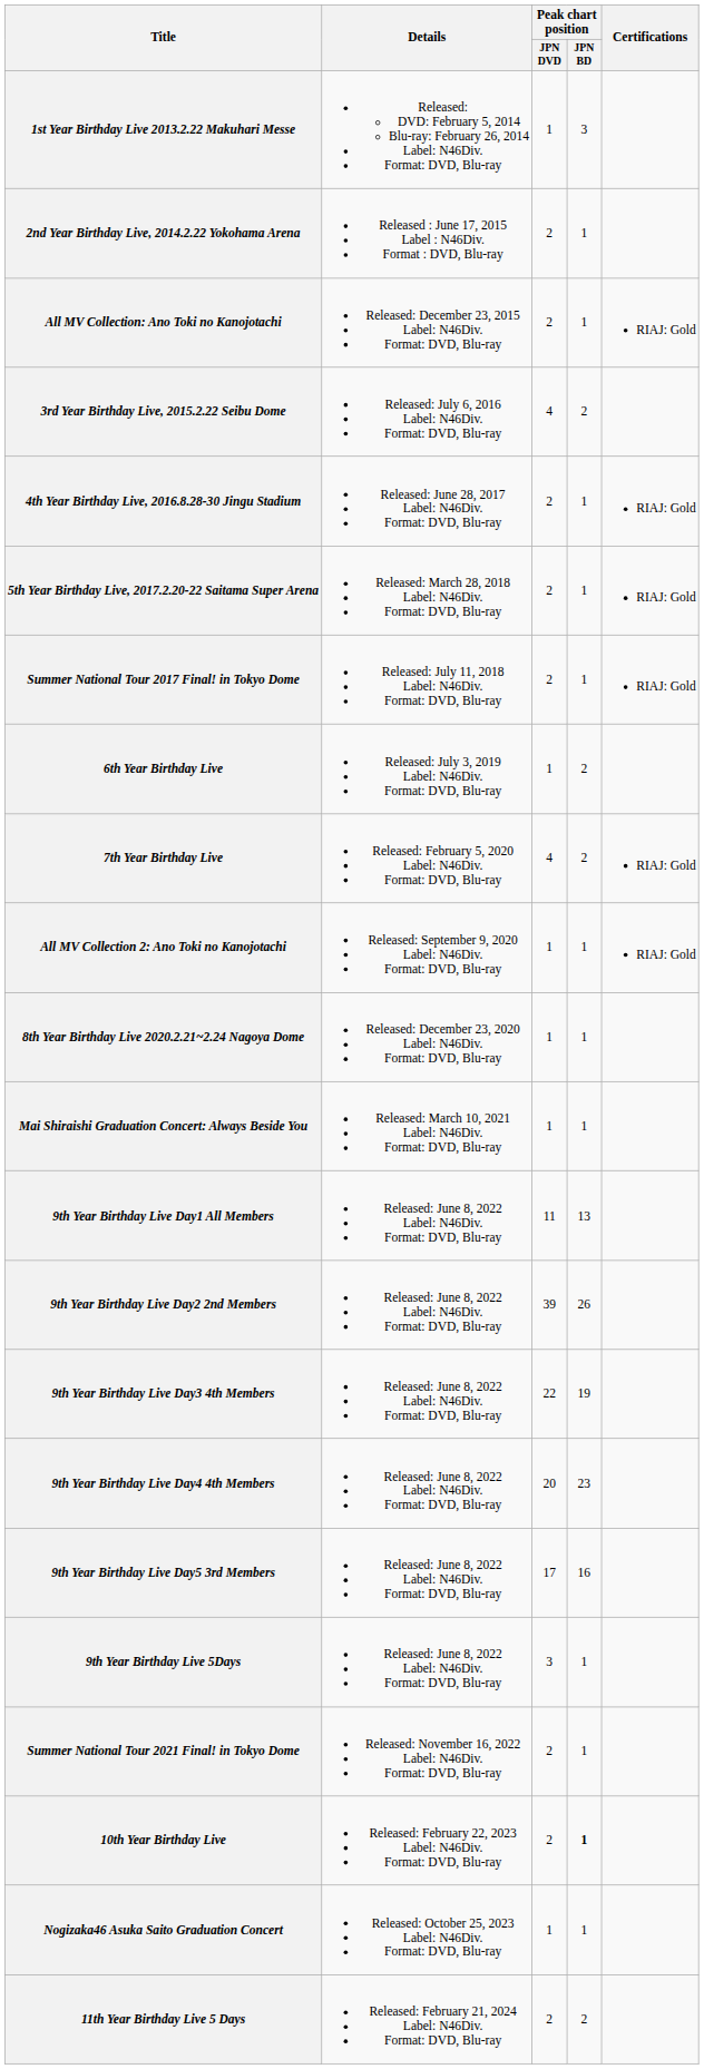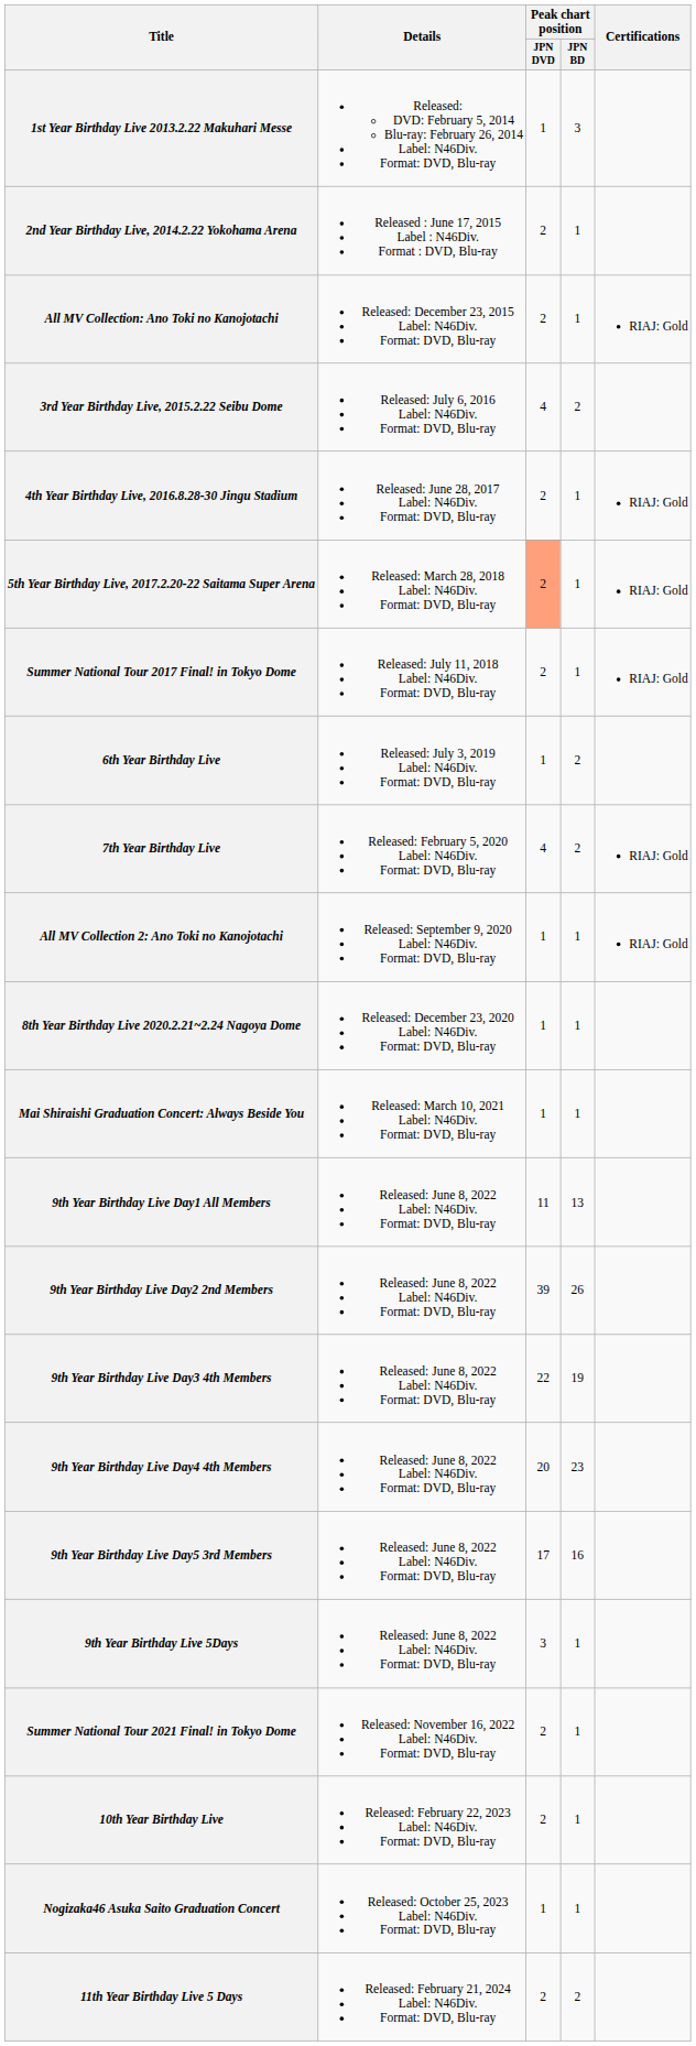 <table class="wikitable plainrowheaders" style="text-align:center;">
 <tr>
 <th scope="col" rowspan="2">Title</th>
 <th scope="col" rowspan="2">Details</th>
 <th scope="col" colspan="2">Peak chart<br>position</th>
 <th scope="col" rowspan="2">Certifications</th>
 </tr>
 <tr>
 <th style="width:2.7em;font-size:85%;">JPN<br>DVD<br></th>
 <th style="width:2.7em;font-size:85%;">JPN<br>BD<br></th>
 </tr>
 <tr>
 <th scope="row"><em>1st Year Birthday Live 2013.2.22 Makuhari Messe</em></th>
 <td><br><ul><li>Released:<ul><li>DVD: February 5, 2014</li><li>Blu-ray: February 26, 2014</li></ul></li><li>Label: N46Div.</li><li>Format: DVD, Blu-ray</li></ul></td>
 <td>1</td>
 <td>3</td>
 <td></td>
 </tr>
 <tr>
 <th scope="row"><em>2nd Year Birthday Live, 2014.2.22 Yokohama Arena</em></th>
 <td><br><ul><li>Released : June 17, 2015</li><li>Label : N46Div.</li><li>Format : DVD, Blu-ray</li></ul></td>
 <td>2</td>
 <td>1</td>
 <td></td>
 </tr>
 <tr>
 <th scope="row"><em>All MV Collection: Ano Toki no Kanojotachi</em></th>
 <td><br><ul><li>Released: December 23, 2015</li><li>Label: N46Div.</li><li>Format: DVD, Blu-ray</li></ul></td>
 <td>2</td>
 <td>1</td>
 <td><br><ul><li>RIAJ: Gold</li></ul></td>
 </tr>
 <tr>
 <th scope="row"><em>3rd Year Birthday Live, 2015.2.22 Seibu Dome</em></th>
 <td><br><ul><li>Released: July 6, 2016</li><li>Label: N46Div.</li><li>Format: DVD, Blu-ray</li></ul></td>
 <td>4</td>
 <td>2</td>
 <td></td>
 </tr>
 <tr>
 <th scope="row"><em>4th Year Birthday Live, 2016.8.28-30 Jingu Stadium</em></th>
 <td><br><ul><li>Released: June 28, 2017</li><li>Label: N46Div.</li><li>Format: DVD, Blu-ray</li></ul></td>
 <td>2</td>
 <td>1</td>
 <td><br><ul><li>RIAJ: Gold</li></ul></td>
 </tr>
 <tr>
 <th scope="row"><em>5th Year Birthday Live, 2017.2.20-22 Saitama Super Arena</em></th>
 <td><br><ul><li>Released: March 28, 2018</li><li>Label: N46Div.</li><li>Format: DVD, Blu-ray</li></ul></td>
-<td>2</td>
+<td style="background: lightsalmon;">2</td>
 <td>1</td>
 <td><br><ul><li>RIAJ: Gold</li></ul></td>
 </tr>
 <tr>
 <th scope="row"><em>Summer National Tour 2017 Final! in Tokyo Dome</em></th>
 <td><br><ul><li>Released: July 11, 2018</li><li>Label: N46Div.</li><li>Format: DVD, Blu-ray</li></ul></td>
 <td>2</td>
 <td>1</td>
 <td><br><ul><li>RIAJ: Gold</li></ul></td>
 </tr>
 <tr>
 <th scope="row"><em>6th Year Birthday Live</em></th>
 <td><br><ul><li>Released: July 3, 2019</li><li>Label: N46Div.</li><li>Format: DVD, Blu-ray</li></ul></td>
 <td>1</td>
 <td>2</td>
 <td></td>
 </tr>
 <tr>
 <th scope="row"><em>7th Year Birthday Live</em></th>
 <td><br><ul><li>Released: February 5, 2020</li><li>Label: N46Div.</li><li>Format: DVD, Blu-ray</li></ul></td>
 <td>4</td>
 <td>2</td>
 <td><br><ul><li>RIAJ: Gold</li></ul></td>
 </tr>
 <tr>
 <th scope="row"><em>All MV Collection 2: Ano Toki no Kanojotachi</em></th>
 <td><br><ul><li>Released: September 9, 2020</li><li>Label: N46Div.</li><li>Format: DVD, Blu-ray</li></ul></td>
 <td>1</td>
 <td>1</td>
 <td><br><ul><li>RIAJ: Gold</li></ul></td>
 </tr>
 <tr>
 <th scope="row"><em>8th Year Birthday Live 2020.2.21~2.24 Nagoya Dome</em></th>
 <td><br><ul><li>Released: December 23, 2020</li><li>Label: N46Div.</li><li>Format: DVD, Blu-ray</li></ul></td>
 <td>1</td>
 <td>1</td>
 <td></td>
 </tr>
 <tr>
 <th scope="row"><em>Mai Shiraishi Graduation Concert: Always Beside You</em></th>
 <td><br><ul><li>Released: March 10, 2021</li><li>Label: N46Div.</li><li>Format: DVD, Blu-ray</li></ul></td>
 <td>1</td>
 <td>1</td>
 <td></td>
 </tr>
 <tr>
 <th scope="row"><em>9th Year Birthday Live Day1 All Members</em></th>
 <td><br><ul><li>Released: June 8, 2022</li><li>Label: N46Div.</li><li>Format: DVD, Blu-ray</li></ul></td>
 <td>11</td>
 <td>13</td>
 <td></td>
 </tr>
 <tr>
 <th scope="row"><em>9th Year Birthday Live Day2 2nd Members</em></th>
 <td><br><ul><li>Released: June 8, 2022</li><li>Label: N46Div.</li><li>Format: DVD, Blu-ray</li></ul></td>
 <td>39</td>
 <td>26</td>
 <td></td>
 </tr>
 <tr>
 <th scope="row"><em>9th Year Birthday Live Day3 4th Members</em></th>
 <td><br><ul><li>Released: June 8, 2022</li><li>Label: N46Div.</li><li>Format: DVD, Blu-ray</li></ul></td>
 <td>22</td>
 <td>19</td>
 <td></td>
 </tr>
 <tr>
 <th scope="row"><em>9th Year Birthday Live Day4 4th Members</em></th>
 <td><br><ul><li>Released: June 8, 2022</li><li>Label: N46Div.</li><li>Format: DVD, Blu-ray</li></ul></td>
 <td>20</td>
 <td>23</td>
 <td></td>
 </tr>
 <tr>
 <th scope="row"><em>9th Year Birthday Live Day5 3rd Members</em></th>
 <td><br><ul><li>Released: June 8, 2022</li><li>Label: N46Div.</li><li>Format: DVD, Blu-ray</li></ul></td>
 <td>17</td>
 <td>16</td>
 <td></td>
 </tr>
 <tr>
 <th scope="row"><em>9th Year Birthday Live 5Days</em></th>
 <td><br><ul><li>Released: June 8, 2022</li><li>Label: N46Div.</li><li>Format: DVD, Blu-ray</li></ul></td>
 <td>3</td>
 <td>1</td>
 <td></td>
 </tr>
 <tr>
 <th scope="row"><em>Summer National Tour 2021 Final! in Tokyo Dome</em></th>
 <td><br><ul><li>Released: November 16, 2022</li><li>Label: N46Div.</li><li>Format: DVD, Blu-ray</li></ul></td>
 <td>2</td>
 <td>1</td>
 <td></td>
 </tr>
 <tr>
 <th scope="row"><em>10th Year Birthday Live</em></th>
 <td><br><ul><li>Released: February 22, 2023</li><li>Label: N46Div.</li><li>Format: DVD, Blu-ray</li></ul></td>
 <td>2</td>
-<td><strong>1</strong></td>
+<td>1</td>
 <td></td>
 </tr>
 <tr>
 <th scope="row"><em>Nogizaka46 Asuka Saito Graduation Concert</em></th>
 <td><br><ul><li>Released: October 25, 2023</li><li>Label: N46Div.</li><li>Format: DVD, Blu-ray</li></ul></td>
 <td>1</td>
 <td>1</td>
 <td></td>
 </tr>
 <tr>
 <th scope="row"><em>11th Year Birthday Live 5 Days</em></th>
 <td><br><ul><li>Released: February 21, 2024</li><li>Label: N46Div.</li><li>Format: DVD, Blu-ray</li></ul></td>
 <td>2</td>
 <td>2</td>
 <td></td>
 </tr>
 </table>
